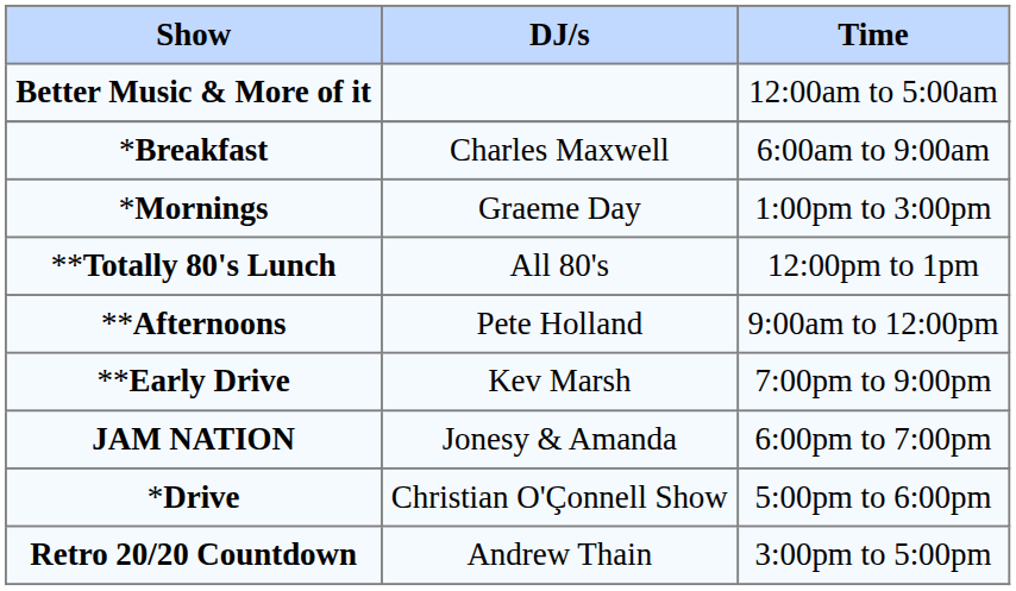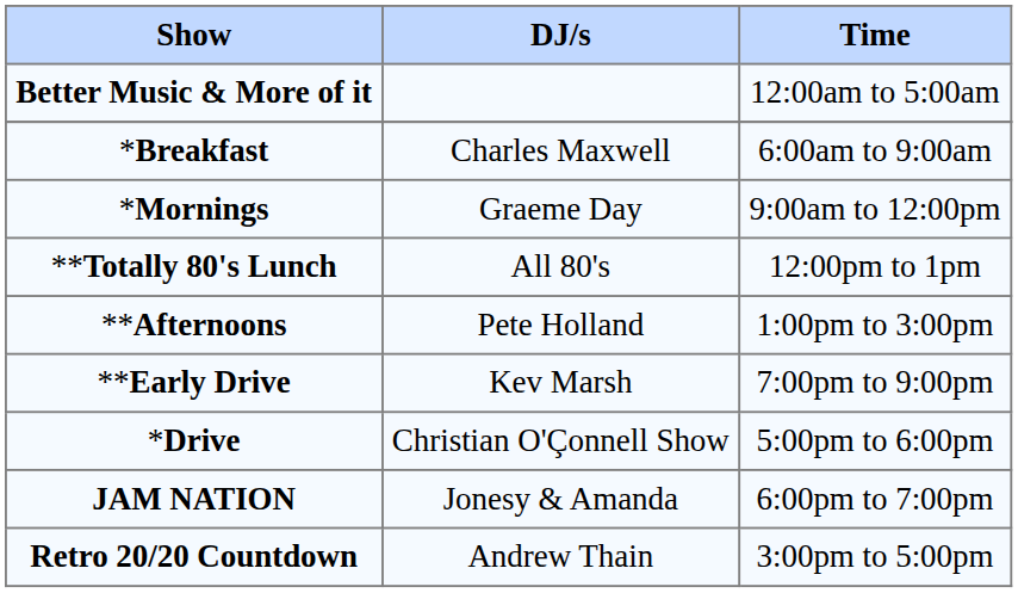 <table border="1" cellpadding="4" cellspacing="0" style="text-align:center; font-size:90%; border-collapse:collapse;">
 <tr style="background:#C1D8FF;">
 <th>Show</th>
 <th>DJ/s</th>
 <th>Time</th>
 </tr>
 <tr style="background:#F5FAFF;">
 <td><strong>Better Music & More of it</strong></td>
 <td></td>
 <td>12:00am to 5:00am</td>
 </tr>
 <tr style="background:#F5FAFF;">
 </tr>
 <tr style="background:#F5FAFF">
 <td>*<strong>Breakfast</strong></td>
 <td>Charles Maxwell</td>
 <td>6:00am to 9:00am</td>
 </tr>
 <tr style="background:#F5FAFF;">
 <td>*<strong>Mornings</strong></td>
 <td>Graeme Day</td>
-<td>1:00pm to 3:00pm</td>
+<td>9:00am to 12:00pm</td>
 </tr>
 <tr style="background:#F5FAFF;">
 <td>**<strong>Totally 80's Lunch</strong></td>
 <td>All 80's</td>
 <td>12:00pm to 1pm</td>
 </tr>
 <tr style="background:#F5FAFF;">
 <td>**<strong>Afternoons</strong></td>
 <td>Pete Holland</td>
-<td>9:00am to 12:00pm</td>
+<td>1:00pm to 3:00pm</td>
 </tr>
 <tr style="background:#F5FAFF;">
 <td>**<strong>Early Drive</strong></td>
 <td>Kev Marsh</td>
 <td>7:00pm to 9:00pm</td>
 </tr>
 <tr style="background:#F5FAFF;">
+<td>*<strong>Drive</strong></td>
+<td>Christian O'Çonnell Show</td>
+<td>5:00pm to 6:00pm</td>
+</tr>
+<tr style="background:#F5FAFF;">
 <td><strong>JAM NATION</strong></td>
 <td>Jonesy & Amanda</td>
 <td>6:00pm to 7:00pm</td>
-</tr>
-<tr style="background:#F5FAFF;">
-<td>*<strong>Drive</strong></td>
-<td>Christian O'Çonnell Show</td>
-<td>5:00pm to 6:00pm</td>
 </tr>
 <tr style="background:#F5FAFF;">
 <td><strong>Retro 20/20 Countdown</strong></td>
 <td>Andrew Thain</td>
 <td>3:00pm to 5:00pm</td>
 </tr>
 </table>
